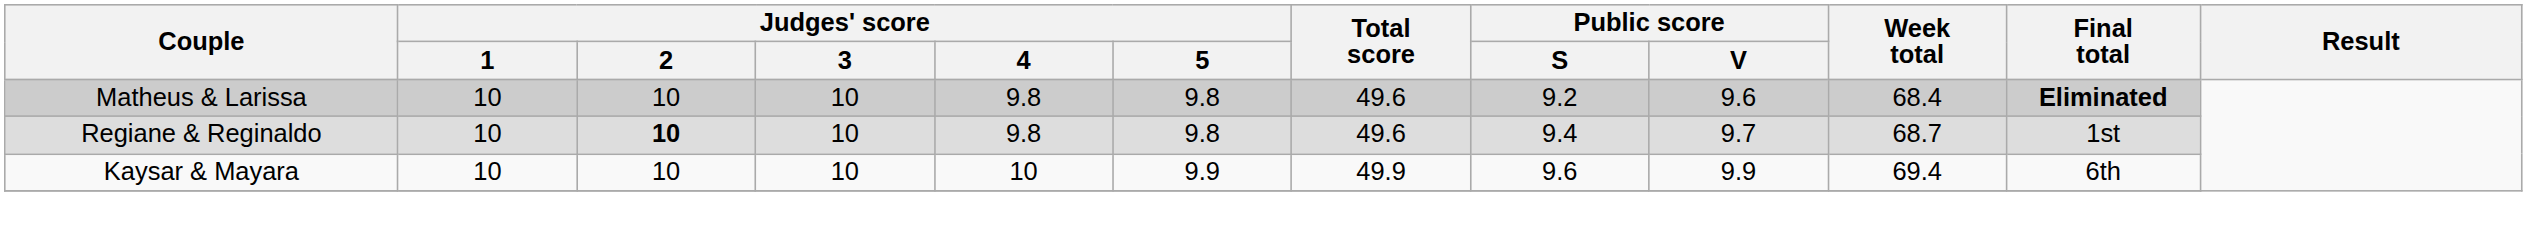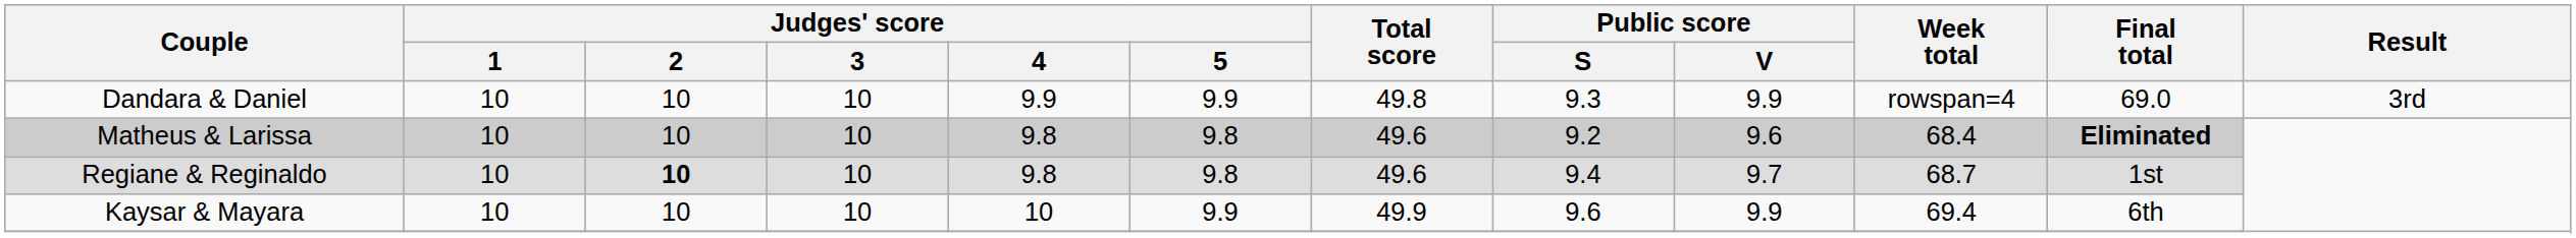 <table class="wikitable" style="font-size:100%; line-height:16px; text-align:center" width="100%">
 <tr>
 <th rowspan=2 width="11.0%">Couple</th>
 <th colspan=5 width="25.0%">Judges' score</th>
 <th rowspan=2 width="05.0%">Total<br>score</th>
 <th colspan=2 width="10.0%">Public score</th>
 <th rowspan=2 width="05.0%">Week<br>total</th>
 <th rowspan=2 width="05.0%">Final<br>total</th>
 <th rowspan=2 width="09.0%">Result<br></th>
 </tr>
 <tr>
 <th width="05.0%">1</th>
 <th width="05.0%">2</th>
 <th width="05.0%">3</th>
 <th width="05.0%">4</th>
 <th width="05.0%">5</th>
 <th width="05.0%">S</th>
 <th width="05.0%">V</th>
+</tr>
+<tr>
+<td>Dandara & Daniel</td>
+<td>10</td>
+<td>10</td>
+<td>10</td>
+<td>9.9</td>
+<td>9.9</td>
+<td>49.8</td>
+<td>9.3</td>
+<td>9.9</td>
+<td>rowspan=4 </td>
+<td>69.0</td>
+<td>3rd</td>
 </tr>
 <tr bgcolor=CCCCCC>
 <td>Matheus & Larissa</td>
 <td>10</td>
 <td>10</td>
 <td>10</td>
 <td>9.8</td>
 <td>9.8</td>
 <td>49.6</td>
 <td>9.2</td>
 <td>9.6</td>
 <td>68.4</td>
 <td><strong>Eliminated</strong></td>
 </tr>
 <tr bgcolor=DDDDDD>
 <td>Regiane & Reginaldo</td>
 <td>10</td>
 <td><strong>10</strong></td>
 <td>10</td>
 <td>9.8</td>
 <td>9.8</td>
 <td>49.6</td>
 <td>9.4</td>
 <td>9.7</td>
 <td>68.7</td>
 <td>1st</td>
 </tr>
 <tr>
 <td>Kaysar & Mayara</td>
 <td>10</td>
 <td>10</td>
 <td>10</td>
 <td>10</td>
 <td>9.9</td>
 <td>49.9</td>
 <td>9.6</td>
 <td>9.9</td>
 <td>69.4</td>
 <td>6th</td>
 </tr>
 <tr>
 </tr>
 </table>
